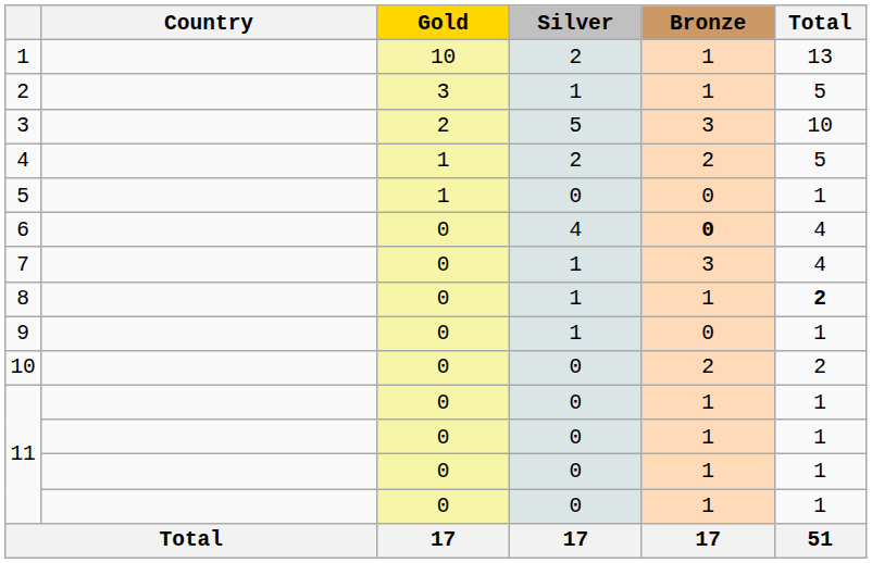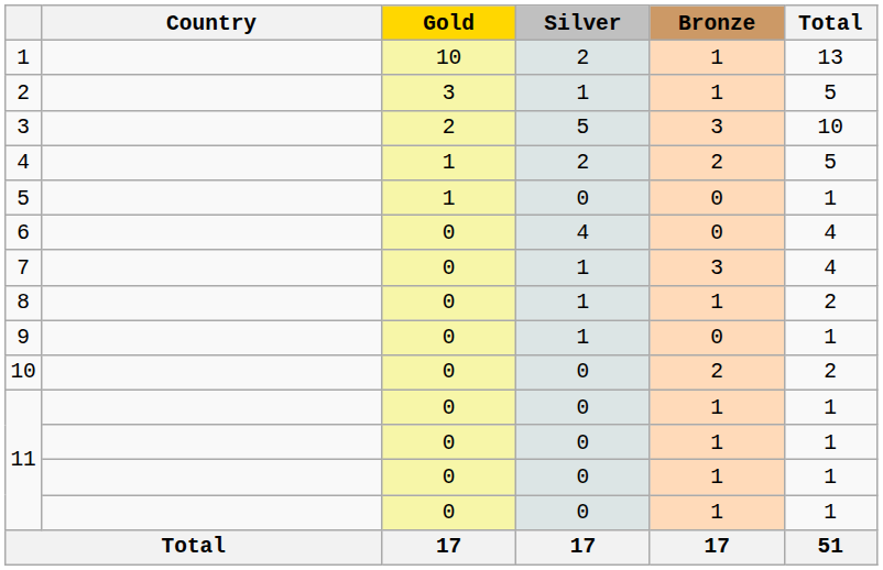 <table class="wikitable" style="text-align:center;">
 <tr>
 <th></th>
 <th width="200">Country</th>
 <th width="75" style="background-color:gold"> Gold</th>
 <th width="75" style="background-color:silver"> Silver</th>
 <th width="75" style="background-color:#cc9966"> Bronze</th>
 <th width="50">Total</th>
 </tr>
 <tr>
 <td>1</td>
 <td style="text-align:left;"></td>
 <td style="background-color:#F7F6A8;">10</td>
 <td style="background-color:#DCE5E5;">2</td>
 <td style="background-color:#FFDAB9;">1</td>
 <td>13</td>
 </tr>
 <tr>
 <td>2</td>
 <td style="text-align:left;"></td>
 <td style="background-color:#F7F6A8;">3</td>
 <td style="background-color:#DCE5E5;">1</td>
 <td style="background-color:#FFDAB9;">1</td>
 <td>5</td>
 </tr>
 <tr>
 <td>3</td>
 <td style="text-align:left;"></td>
 <td style="background-color:#F7F6A8;">2</td>
 <td style="background-color:#DCE5E5;">5</td>
 <td style="background-color:#FFDAB9;">3</td>
 <td>10</td>
 </tr>
 <tr>
 <td>4</td>
 <td style="text-align:left;"></td>
 <td style="background-color:#F7F6A8;">1</td>
 <td style="background-color:#DCE5E5;">2</td>
 <td style="background-color:#FFDAB9;">2</td>
 <td>5</td>
 </tr>
 <tr>
 <td>5</td>
 <td style="text-align:left;"></td>
 <td style="background-color:#F7F6A8;">1</td>
 <td style="background-color:#DCE5E5;">0</td>
 <td style="background-color:#FFDAB9;">0</td>
 <td>1</td>
 </tr>
 <tr>
 <td>6</td>
 <td style="text-align:left;"></td>
 <td style="background-color:#F7F6A8;">0</td>
 <td style="background-color:#DCE5E5;">4</td>
-<td style="background-color:#FFDAB9;"><strong>0</strong></td>
+<td style="background-color:#FFDAB9;">0</td>
 <td>4</td>
 </tr>
 <tr>
 <td>7</td>
 <td style="text-align:left;"></td>
 <td style="background-color:#F7F6A8;">0</td>
 <td style="background-color:#DCE5E5;">1</td>
 <td style="background-color:#FFDAB9;">3</td>
 <td>4</td>
 </tr>
 <tr>
 <td>8</td>
 <td style="text-align:left;"></td>
 <td style="background-color:#F7F6A8;">0</td>
 <td style="background-color:#DCE5E5;">1</td>
 <td style="background-color:#FFDAB9;">1</td>
-<td><strong>2</strong></td>
+<td>2</td>
 </tr>
 <tr>
 <td>9</td>
 <td style="text-align:left;"></td>
 <td style="background-color:#F7F6A8;">0</td>
 <td style="background-color:#DCE5E5;">1</td>
 <td style="background-color:#FFDAB9;">0</td>
 <td>1</td>
 </tr>
 <tr>
 <td>10</td>
 <td style="text-align:left;"></td>
 <td style="background-color:#F7F6A8;">0</td>
 <td style="background-color:#DCE5E5;">0</td>
 <td style="background-color:#FFDAB9;">2</td>
 <td>2</td>
 </tr>
 <tr>
 <td rowspan="4">11</td>
 <td style="text-align:left;"></td>
 <td style="background-color:#F7F6A8;">0</td>
 <td style="background-color:#DCE5E5;">0</td>
 <td style="background-color:#FFDAB9;">1</td>
 <td>1</td>
 </tr>
 <tr>
 <td style="text-align:left;"></td>
 <td style="background-color:#F7F6A8;">0</td>
 <td style="background-color:#DCE5E5;">0</td>
 <td style="background-color:#FFDAB9;">1</td>
 <td>1</td>
 </tr>
 <tr>
 <td style="text-align:left;"></td>
 <td style="background-color:#F7F6A8;">0</td>
 <td style="background-color:#DCE5E5;">0</td>
 <td style="background-color:#FFDAB9;">1</td>
 <td>1</td>
 </tr>
 <tr>
 <td style="text-align:left;"></td>
 <td style="background-color:#F7F6A8;">0</td>
 <td style="background-color:#DCE5E5;">0</td>
 <td style="background-color:#FFDAB9;">1</td>
 <td>1</td>
 </tr>
 <tr>
 <th colspan="2">Total</th>
 <th>17</th>
 <th>17</th>
 <th>17</th>
 <th>51</th>
 </tr>
 </table>
